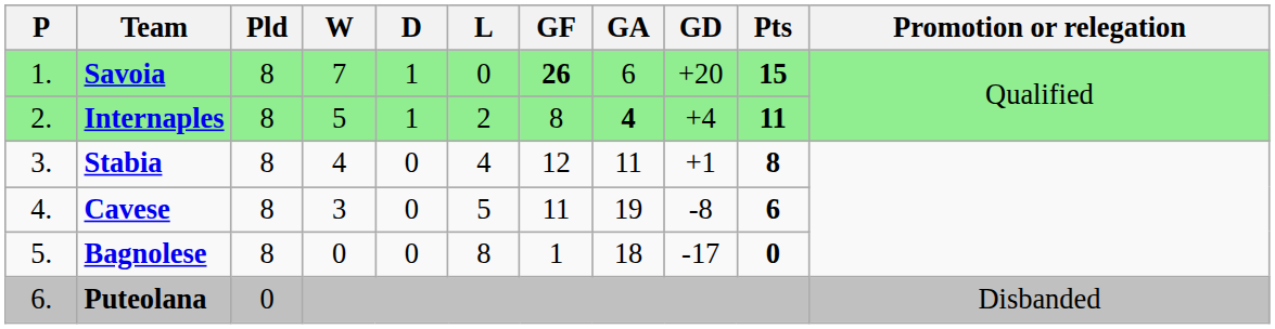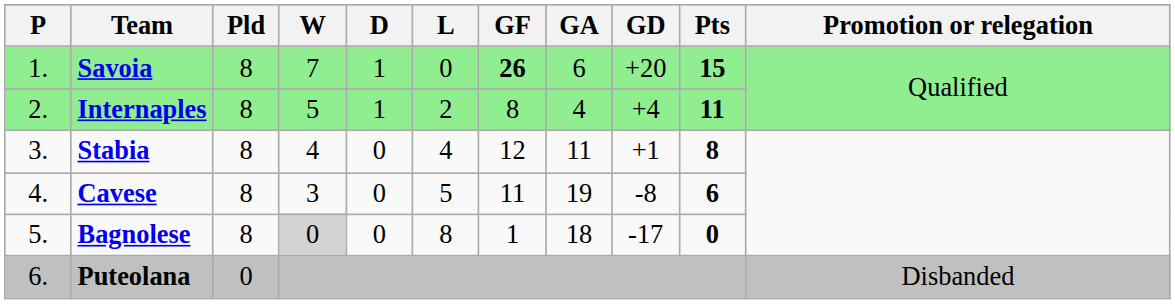 <table class="wikitable sortable" style="text-align: center;">
 <tr>
 <th width=33>P<br></th>
 <th>Team<br></th>
 <th width=33>Pld<br></th>
 <th width=33>W<br></th>
 <th width=33>D<br></th>
 <th width=33>L<br></th>
 <th width=33>GF<br></th>
 <th width=33>GA<br></th>
 <th width=33>GD<br></th>
 <th width=33>Pts<br></th>
 <th class="unsortable" width=250>Promotion or relegation<br></th>
 </tr>
 <tr style="background: #90EE90;">
 <td>1.</td>
 <td align="left"><strong><a href='#'>Savoia</a></strong></td>
 <td>8</td>
 <td>7</td>
 <td>1</td>
 <td>0</td>
 <td><strong>26</strong></td>
 <td>6</td>
 <td>+20</td>
 <td><strong>15</strong></td>
 <td rowspan="2">Qualified</td>
 </tr>
 <tr style="background: #90EE90;">
 <td>2.</td>
 <td align="left"><strong><a href='#'>Internaples</a></strong></td>
 <td>8</td>
 <td>5</td>
 <td>1</td>
 <td>2</td>
 <td>8</td>
-<td><strong>4</strong></td>
+<td>4</td>
 <td>+4</td>
 <td><strong>11</strong></td>
 </tr>
 <tr>
 <td>3.</td>
 <td align="left"><strong><a href='#'>Stabia</a></strong></td>
 <td>8</td>
 <td>4</td>
 <td>0</td>
 <td>4</td>
 <td>12</td>
 <td>11</td>
 <td>+1</td>
 <td><strong>8</strong></td>
 </tr>
 <tr>
 <td>4.</td>
 <td align="left"><strong><a href='#'>Cavese</a></strong></td>
 <td>8</td>
 <td>3</td>
 <td>0</td>
 <td>5</td>
 <td>11</td>
 <td>19</td>
 <td>-8</td>
 <td><strong>6</strong></td>
 </tr>
 <tr>
 <td>5.</td>
 <td align="left"><strong><a href='#'>Bagnolese</a></strong></td>
 <td>8</td>
-<td>0</td>
+<td style="background: lightgrey;">0</td>
 <td>0</td>
 <td>8</td>
 <td>1</td>
 <td>18</td>
 <td>-17</td>
 <td><strong>0</strong></td>
 </tr>
 <tr style="background:silver">
 <td>6.</td>
 <td align="left"><strong>Puteolana</strong></td>
 <td>0</td>
 <td colspan=7></td>
 <td>Disbanded</td>
 </tr>
 </table>
